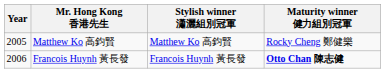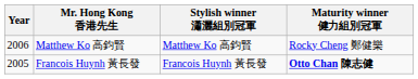 <table class="wikitable">
 <tr>
 <th width="5%">Year</th>
 <th width="28%">Mr. Hong Kong <br> 香港先生</th>
 <th width="28%">Stylish winner <br> 瀟灑組別冠軍</th>
 <th width="28%">Maturity winner <br> 健力組別冠軍</th>
 </tr>
 <tr>
-<td>2005</td>
+<td>2006</td>
 <td><a href='#'>Matthew Ko</a> 高鈞賢</td>
 <td><a href='#'>Matthew Ko</a> 高鈞賢</td>
 <td><a href='#'>Rocky Cheng</a> 鄭健樂</td>
 </tr>
 <tr>
-<td>2006</td>
+<td>2005</td>
 <td><a href='#'>Francois Huynh</a> 黃長發</td>
 <td><a href='#'>Francois Huynh</a> 黃長發</td>
 <td><strong><a href='#'>Otto Chan</a> 陳志健</strong></td>
 </tr>
 </table>
